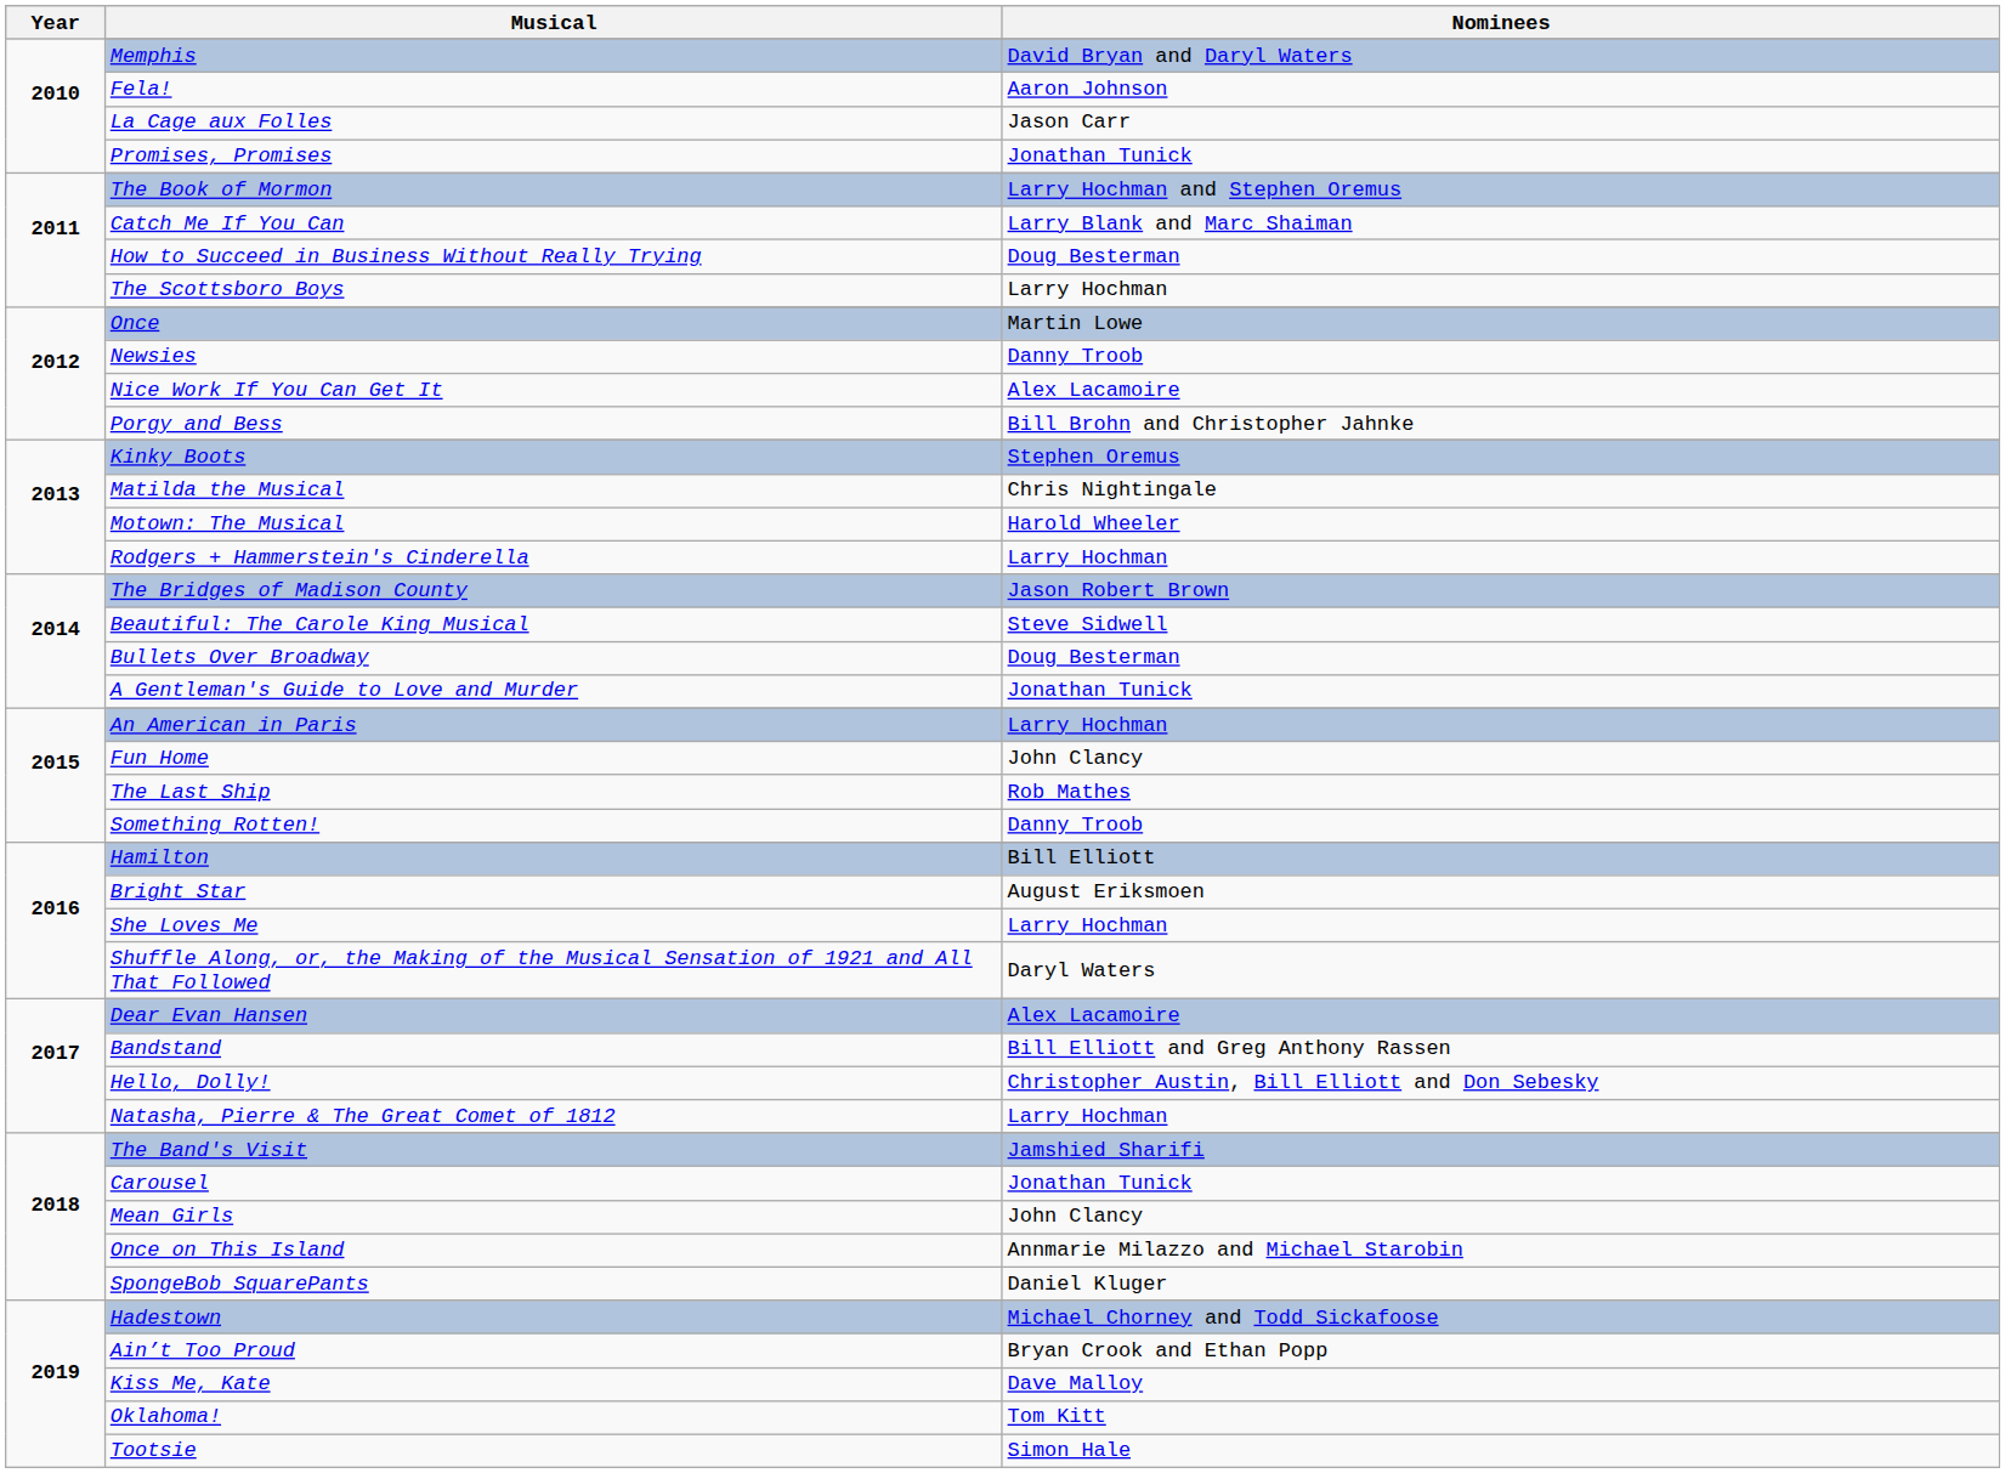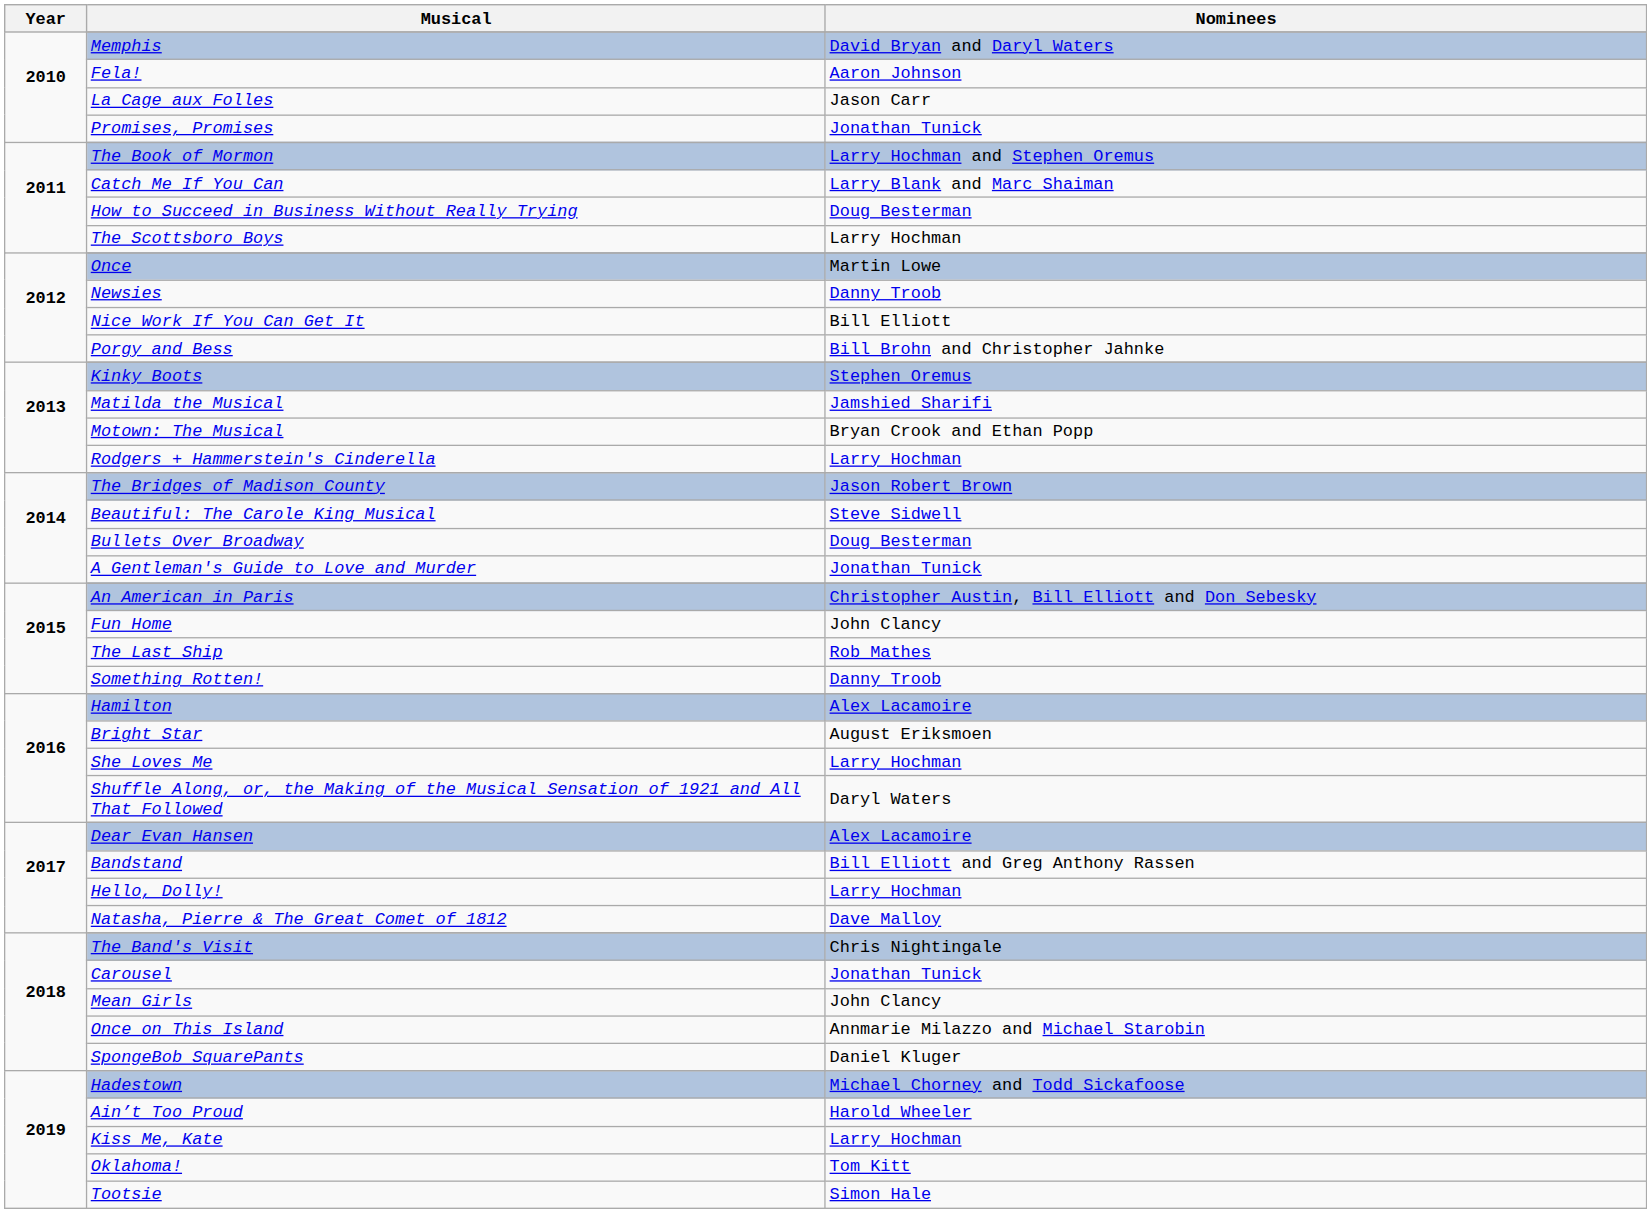 <table class="wikitable" style="width:100%;">
 <tr style="background:#bebebe;">
 <th style="width:5%;">Year</th>
 <th style="width:45%;">Musical</th>
 <th style="width:60%;">Nominees</th>
 </tr>
 <tr>
 <td rowspan="5" align="center"><strong>2010</strong><br><br></td>
 </tr>
 <tr style="background:#B0C4DE">
 <td><em><a href='#'>Memphis</a></em></td>
 <td><a href='#'>David Bryan</a> and <a href='#'>Daryl Waters</a></td>
 </tr>
 <tr>
 <td><em><a href='#'>Fela!</a></em></td>
 <td><a href='#'>Aaron Johnson</a></td>
 </tr>
 <tr>
 <td><em><a href='#'>La Cage aux Folles</a></em></td>
 <td>Jason Carr</td>
 </tr>
 <tr>
 <td><em><a href='#'>Promises, Promises</a></em></td>
 <td><a href='#'>Jonathan Tunick</a></td>
 </tr>
 <tr>
 <td rowspan="5" align="center"><strong>2011</strong><br><br></td>
 </tr>
 <tr style="background:#B0C4DE">
 <td><em><a href='#'>The Book of Mormon</a></em></td>
 <td><a href='#'>Larry Hochman</a> and <a href='#'>Stephen Oremus</a></td>
 </tr>
 <tr>
 <td><em><a href='#'>Catch Me If You Can</a></em></td>
 <td><a href='#'>Larry Blank</a> and <a href='#'>Marc Shaiman</a></td>
 </tr>
 <tr>
 <td><em><a href='#'>How to Succeed in Business Without Really Trying</a></em></td>
 <td><a href='#'>Doug Besterman</a></td>
 </tr>
 <tr>
 <td><em><a href='#'>The Scottsboro Boys</a></em></td>
 <td>Larry Hochman</td>
 </tr>
 <tr>
 <td rowspan="5" align="center"><strong>2012</strong><br><br></td>
 </tr>
 <tr style="background:#B0C4DE">
 <td><em><a href='#'>Once</a></em></td>
 <td>Martin Lowe</td>
 </tr>
 <tr>
 <td><em><a href='#'>Newsies</a></em></td>
 <td><a href='#'>Danny Troob</a></td>
 </tr>
 <tr>
 <td><em><a href='#'>Nice Work If You Can Get It</a></em></td>
-<td><a href='#'>Alex Lacamoire</a></td>
+<td>Bill Elliott</td>
 </tr>
 <tr>
 <td><em><a href='#'>Porgy and Bess</a></em></td>
 <td><a href='#'>Bill Brohn</a> and Christopher Jahnke</td>
 </tr>
 <tr>
 <td rowspan="5" align="center"><strong>2013</strong><br><br></td>
 </tr>
 <tr style="background:#B0C4DE">
 <td><em><a href='#'>Kinky Boots</a></em></td>
 <td><a href='#'>Stephen Oremus</a></td>
 </tr>
 <tr>
 <td><em><a href='#'>Matilda the Musical</a></em></td>
-<td>Chris Nightingale</td>
+<td><a href='#'>Jamshied Sharifi</a></td>
 </tr>
 <tr>
 <td><em><a href='#'>Motown: The Musical</a></em></td>
-<td><a href='#'>Harold Wheeler</a></td>
+<td>Bryan Crook and Ethan Popp</td>
 </tr>
 <tr>
 <td><em><a href='#'>Rodgers + Hammerstein's Cinderella</a></em></td>
 <td><a href='#'>Larry Hochman</a></td>
 </tr>
 <tr>
 <td rowspan="5" align="center"><strong>2014</strong><br><br></td>
 </tr>
 <tr style="background:#B0C4DE">
 <td><em><a href='#'>The Bridges of Madison County</a></em></td>
 <td><a href='#'>Jason Robert Brown</a></td>
 </tr>
 <tr>
 <td><em><a href='#'>Beautiful: The Carole King Musical</a></em></td>
 <td><a href='#'>Steve Sidwell</a></td>
 </tr>
 <tr>
 <td><em><a href='#'>Bullets Over Broadway</a></em></td>
 <td><a href='#'>Doug Besterman</a></td>
 </tr>
 <tr>
 <td><em><a href='#'>A Gentleman's Guide to Love and Murder</a></em></td>
 <td><a href='#'>Jonathan Tunick</a></td>
 </tr>
 <tr>
 <td rowspan="5" align="center"><strong>2015</strong><br><br></td>
 </tr>
 <tr style="background:#B0C4DE">
 <td><em><a href='#'>An American in Paris</a></em></td>
-<td><a href='#'>Larry Hochman</a></td>
+<td><a href='#'>Christopher Austin</a>, <a href='#'>Bill Elliott</a> and <a href='#'>Don Sebesky</a></td>
 </tr>
 <tr>
 <td><em><a href='#'>Fun Home</a></em></td>
 <td>John Clancy</td>
 </tr>
 <tr>
 <td><em><a href='#'>The Last Ship</a></em></td>
 <td><a href='#'>Rob Mathes</a></td>
 </tr>
 <tr>
 <td><em><a href='#'>Something Rotten!</a></em></td>
 <td><a href='#'>Danny Troob</a></td>
 </tr>
 <tr>
 <td rowspan="5" align="center"><strong>2016</strong><br><br></td>
 </tr>
 <tr style="background:#B0C4DE">
 <td><em><a href='#'>Hamilton</a></em></td>
-<td>Bill Elliott</td>
+<td><a href='#'>Alex Lacamoire</a></td>
 </tr>
 <tr>
 <td><em><a href='#'>Bright Star</a></em></td>
 <td>August Eriksmoen</td>
 </tr>
 <tr>
 <td><em><a href='#'>She Loves Me</a></em></td>
 <td><a href='#'>Larry Hochman</a></td>
 </tr>
 <tr>
 <td><em><a href='#'>Shuffle Along, or, the Making of the Musical Sensation of 1921 and All That Followed</a></em></td>
 <td>Daryl Waters</td>
 </tr>
 <tr>
 <td rowspan="5" align="center"><strong>2017</strong><br><br></td>
 </tr>
 <tr style="background:#B0C4DE">
 <td><em><a href='#'>Dear Evan Hansen</a></em></td>
 <td><a href='#'>Alex Lacamoire</a></td>
 </tr>
 <tr>
 <td><em><a href='#'>Bandstand</a></em></td>
 <td><a href='#'>Bill Elliott</a> and Greg Anthony Rassen</td>
 </tr>
 <tr>
 <td><em><a href='#'>Hello, Dolly!</a></em></td>
-<td><a href='#'>Christopher Austin</a>, <a href='#'>Bill Elliott</a> and <a href='#'>Don Sebesky</a></td>
+<td><a href='#'>Larry Hochman</a></td>
 </tr>
 <tr>
 <td><em><a href='#'>Natasha, Pierre & The Great Comet of 1812</a></em></td>
-<td><a href='#'>Larry Hochman</a></td>
+<td><a href='#'>Dave Malloy</a></td>
 </tr>
 <tr>
 <td rowspan="6" align="center"><strong>2018</strong><br><br></td>
 </tr>
 <tr style="background:#B0C4DE">
 <td><em><a href='#'>The Band's Visit</a></em></td>
-<td><a href='#'>Jamshied Sharifi</a></td>
+<td>Chris Nightingale</td>
 </tr>
 <tr>
 <td><em><a href='#'>Carousel</a></em></td>
 <td><a href='#'>Jonathan Tunick</a></td>
 </tr>
 <tr>
 <td><em><a href='#'>Mean Girls</a></em></td>
 <td>John Clancy</td>
 </tr>
 <tr>
 <td><em><a href='#'>Once on This Island</a></em></td>
 <td>Annmarie Milazzo and <a href='#'>Michael Starobin</a></td>
 </tr>
 <tr>
 <td><em><a href='#'>SpongeBob SquarePants</a></em></td>
 <td>Daniel Kluger</td>
 </tr>
 <tr>
 <td rowspan="6" align="center"><strong>2019</strong><br><br></td>
 </tr>
 <tr style="background:#B0C4DE">
 <td><em><a href='#'>Hadestown</a></em></td>
 <td><a href='#'>Michael Chorney</a> and <a href='#'>Todd Sickafoose</a></td>
 </tr>
 <tr>
 <td><em><a href='#'>Ain’t Too Proud</a></em></td>
-<td>Bryan Crook and Ethan Popp</td>
+<td><a href='#'>Harold Wheeler</a></td>
 </tr>
 <tr>
 <td><em><a href='#'>Kiss Me, Kate</a></em></td>
-<td><a href='#'>Dave Malloy</a></td>
+<td><a href='#'>Larry Hochman</a></td>
 </tr>
 <tr>
 <td><em><a href='#'>Oklahoma!</a></em></td>
 <td><a href='#'>Tom Kitt</a></td>
 </tr>
 <tr>
 <td><em><a href='#'>Tootsie</a></em></td>
 <td><a href='#'>Simon Hale</a></td>
 </tr>
 <tr>
 </tr>
 </table>
